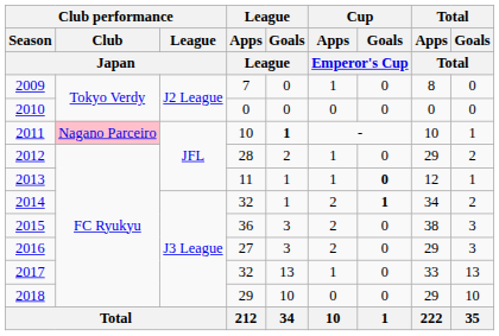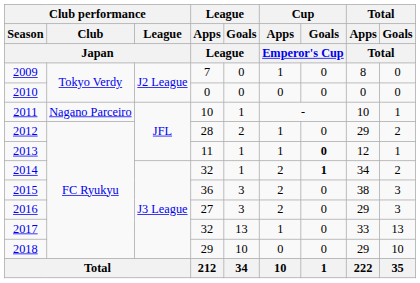 <table class="wikitable" style="text-align:center;">
 <tr>
 <th colspan=3>Club performance</th>
 <th colspan=2>League</th>
 <th colspan=2>Cup</th>
 <th colspan=2>Total</th>
 </tr>
 <tr>
 <th>Season</th>
 <th>Club</th>
 <th>League</th>
 <th>Apps</th>
 <th>Goals</th>
 <th>Apps</th>
 <th>Goals</th>
 <th>Apps</th>
 <th>Goals</th>
 </tr>
 <tr>
 <th colspan=3>Japan</th>
 <th colspan=2>League</th>
 <th colspan=2><a href='#'>Emperor's Cup</a></th>
 <th colspan=2>Total</th>
 </tr>
 <tr>
 <td><a href='#'>2009</a></td>
 <td rowspan="2"><a href='#'>Tokyo Verdy</a></td>
 <td rowspan="2"><a href='#'>J2 League</a></td>
 <td>7</td>
 <td>0</td>
 <td>1</td>
 <td>0</td>
 <td>8</td>
 <td>0</td>
 </tr>
 <tr>
 <td><a href='#'>2010</a></td>
 <td>0</td>
 <td>0</td>
 <td>0</td>
 <td>0</td>
 <td>0</td>
 <td>0</td>
 </tr>
 <tr>
 <td><a href='#'>2011</a></td>
-<td style="background: pink;"><a href='#'>Nagano Parceiro</a></td>
+<td><a href='#'>Nagano Parceiro</a></td>
 <td rowspan="3"><a href='#'>JFL</a></td>
 <td>10</td>
-<td><strong>1</strong></td>
+<td>1</td>
 <td colspan="2">-</td>
 <td>10</td>
 <td>1</td>
 </tr>
 <tr>
 <td><a href='#'>2012</a></td>
 <td rowspan="7"><a href='#'>FC Ryukyu</a></td>
 <td>28</td>
 <td>2</td>
 <td>1</td>
 <td>0</td>
 <td>29</td>
 <td>2</td>
 </tr>
 <tr>
 <td><a href='#'>2013</a></td>
 <td>11</td>
 <td>1</td>
 <td>1</td>
 <td><strong>0</strong></td>
 <td>12</td>
 <td>1</td>
 </tr>
 <tr>
 <td><a href='#'>2014</a></td>
 <td rowspan="5"><a href='#'>J3 League</a></td>
 <td>32</td>
 <td>1</td>
 <td>2</td>
 <td><strong>1</strong></td>
 <td>34</td>
 <td>2</td>
 </tr>
 <tr>
 <td><a href='#'>2015</a></td>
 <td>36</td>
 <td>3</td>
 <td>2</td>
 <td>0</td>
 <td>38</td>
 <td>3</td>
 </tr>
 <tr>
 <td><a href='#'>2016</a></td>
 <td>27</td>
 <td>3</td>
 <td>2</td>
 <td>0</td>
 <td>29</td>
 <td>3</td>
 </tr>
 <tr>
 <td><a href='#'>2017</a></td>
 <td>32</td>
 <td>13</td>
 <td>1</td>
 <td>0</td>
 <td>33</td>
 <td>13</td>
 </tr>
 <tr>
 <td><a href='#'>2018</a></td>
 <td>29</td>
 <td>10</td>
 <td>0</td>
 <td>0</td>
 <td>29</td>
 <td>10</td>
 </tr>
 <tr>
 <th colspan=3>Total</th>
 <th>212</th>
 <th>34</th>
 <th>10</th>
 <th>1</th>
 <th>222</th>
 <th>35</th>
 </tr>
 </table>
